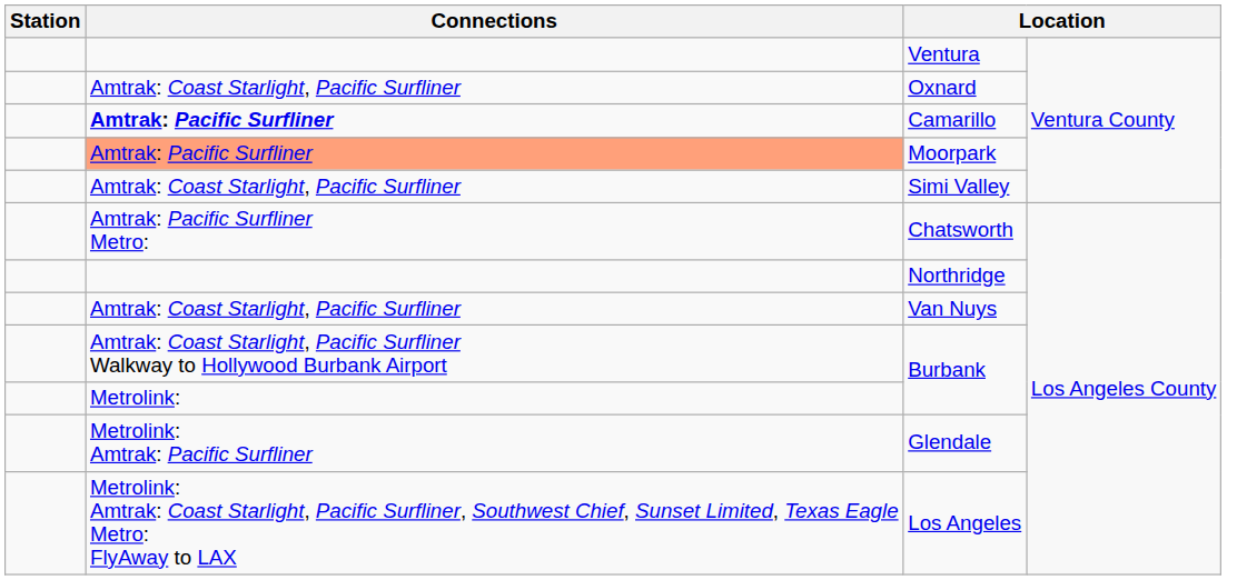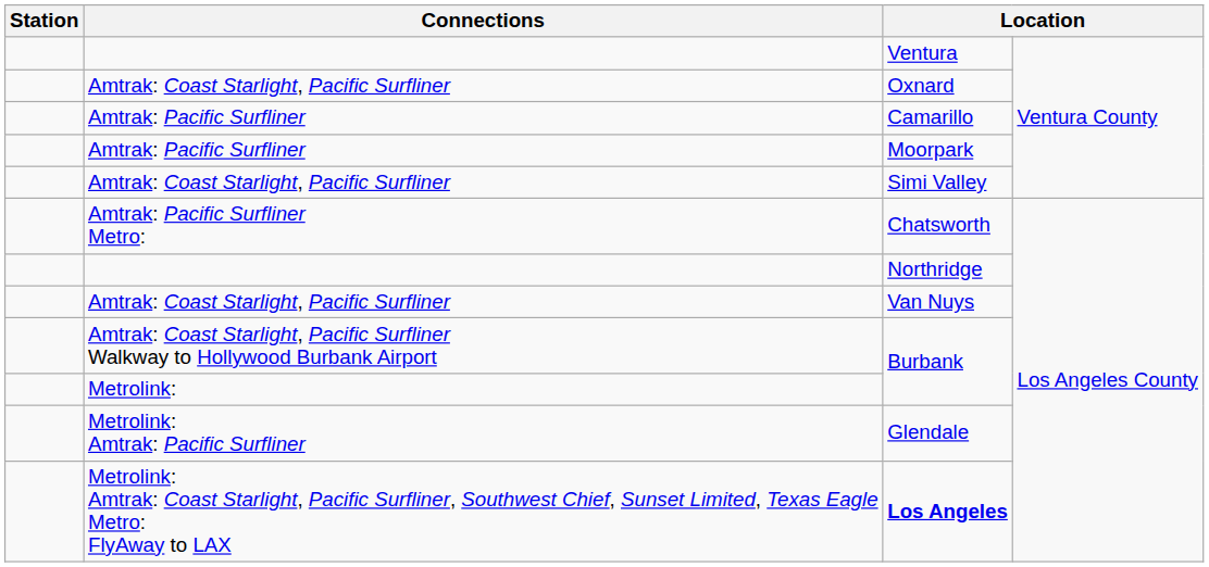 <table class="wikitable plainrowheaders">
 <tr>
 <th>Station</th>
 <th>Connections</th>
 <th colspan="2">Location<br></th>
 </tr>
 <tr>
 <td></td>
 <td></td>
 <td rowspan="1"><a href='#'>Ventura</a></td>
 <td rowspan="5" = bgcolor = #f8f8f8><a href='#'>Ventura County</a></td>
 </tr>
 <tr>
 <td></td>
 <td> <a href='#'>Amtrak</a>: <em><a href='#'>Coast Starlight</a></em>, <em><a href='#'>Pacific Surfliner</a></em></td>
 <td><a href='#'>Oxnard</a></td>
 </tr>
 <tr>
 <td></td>
-<td><strong> <a href='#'>Amtrak</a>: <em><a href='#'>Pacific Surfliner</a></em></strong></td>
+<td> <a href='#'>Amtrak</a>: <em><a href='#'>Pacific Surfliner</a></em></td>
 <td><a href='#'>Camarillo</a></td>
 </tr>
 <tr>
 <td></td>
-<td style="background: lightsalmon;"> <a href='#'>Amtrak</a>: <em><a href='#'>Pacific Surfliner</a></em></td>
+<td> <a href='#'>Amtrak</a>: <em><a href='#'>Pacific Surfliner</a></em></td>
 <td><a href='#'>Moorpark</a></td>
 </tr>
 <tr>
 <td></td>
 <td> <a href='#'>Amtrak</a>: <em><a href='#'>Coast Starlight</a></em>, <em><a href='#'>Pacific Surfliner</a></em></td>
 <td><a href='#'>Simi Valley</a></td>
 </tr>
 <tr>
 <td></td>
 <td> <a href='#'>Amtrak</a>: <em><a href='#'>Pacific Surfliner</a></em><br> <a href='#'>Metro</a>: </td>
 <td><a href='#'>Chatsworth</a></td>
 <td rowspan="7" = bgcolor = #f8f8f8><a href='#'>Los Angeles County</a></td>
 </tr>
 <tr>
 <td></td>
 <td></td>
 <td><a href='#'>Northridge</a></td>
 </tr>
 <tr>
 <td></td>
 <td> <a href='#'>Amtrak</a>: <em><a href='#'>Coast Starlight</a></em>, <em><a href='#'>Pacific Surfliner</a></em></td>
 <td><a href='#'>Van Nuys</a></td>
 </tr>
 <tr>
 <td></td>
 <td> <a href='#'>Amtrak</a>: <em><a href='#'>Coast Starlight</a></em>, <em><a href='#'>Pacific Surfliner</a></em><br> Walkway to <a href='#'>Hollywood Burbank Airport</a></td>
 <td rowspan="2"><a href='#'>Burbank</a></td>
 </tr>
 <tr>
 <td></td>
 <td> <a href='#'>Metrolink</a>: </td>
 </tr>
 <tr>
 <td></td>
 <td> <a href='#'>Metrolink</a>: <br> <a href='#'>Amtrak</a>: <em><a href='#'>Pacific Surfliner</a></em></td>
 <td><a href='#'>Glendale</a></td>
 </tr>
 <tr>
 <td></td>
 <td> <a href='#'>Metrolink</a>:     <br> <a href='#'>Amtrak</a>: <em><a href='#'>Coast Starlight</a></em>, <em><a href='#'>Pacific Surfliner</a></em>, <em><a href='#'>Southwest Chief</a></em>, <em><a href='#'>Sunset Limited</a></em>, <em><a href='#'>Texas Eagle</a></em><br> <a href='#'>Metro</a>: <br> <a href='#'>FlyAway</a> to <a href='#'>LAX</a></td>
-<td><a href='#'>Los Angeles</a></td>
+<td><strong><a href='#'>Los Angeles</a></strong></td>
 </tr>
 </table>
